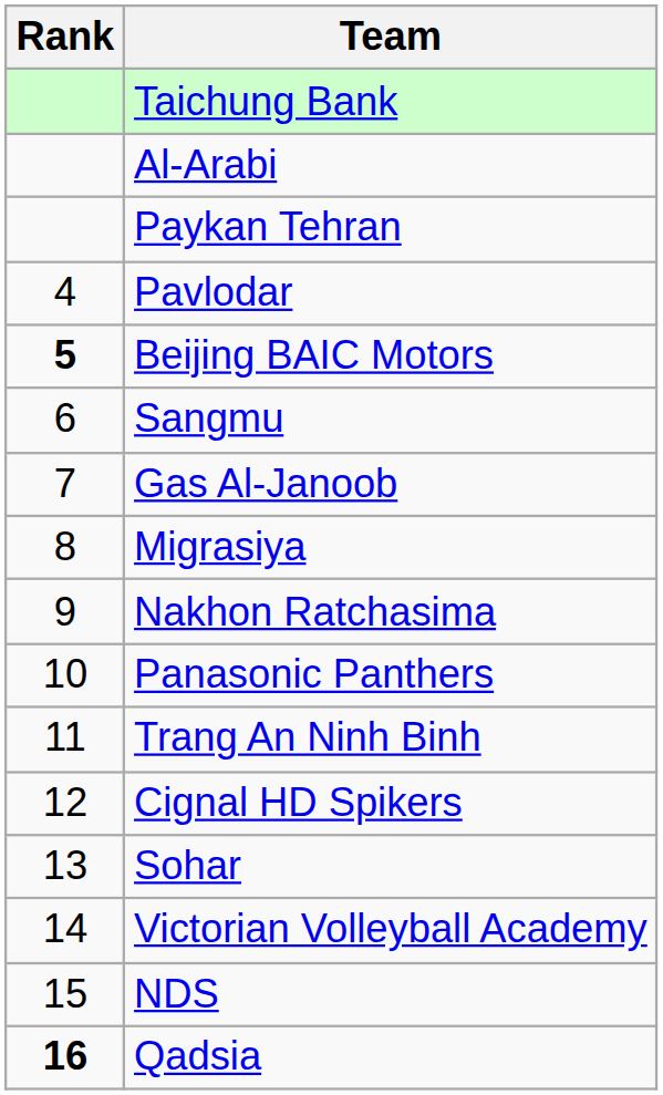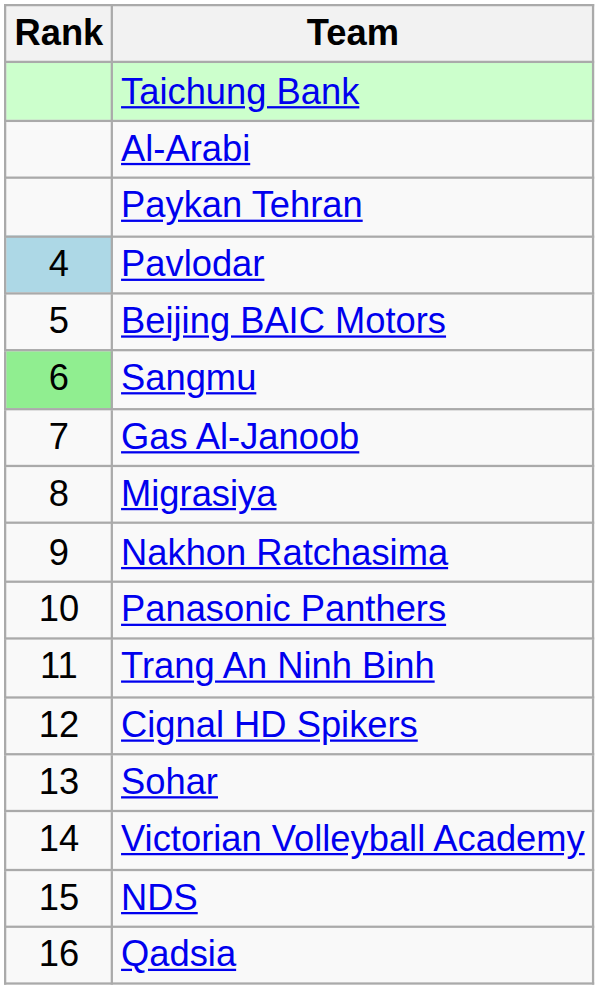 <table class="wikitable" style="text-align: center;">
 <tr>
 <th width=40>Rank</th>
 <th>Team</th>
 </tr>
 <tr bgcolor=#ccffcc>
 <td></td>
 <td style="text-align: left;"> <a href='#'>Taichung Bank</a></td>
 </tr>
 <tr>
 <td></td>
 <td style="text-align: left;"> <a href='#'>Al-Arabi</a></td>
 </tr>
 <tr>
 <td></td>
 <td style="text-align: left;"> <a href='#'>Paykan Tehran</a></td>
 </tr>
 <tr>
-<td>4</td>
+<td style="background: lightblue;">4</td>
 <td style="text-align: left;"> <a href='#'>Pavlodar</a></td>
 </tr>
 <tr>
-<td><strong>5</strong></td>
+<td>5</td>
 <td style="text-align: left;"> <a href='#'>Beijing BAIC Motors</a></td>
 </tr>
 <tr>
-<td>6</td>
+<td style="background: lightgreen;">6</td>
 <td style="text-align: left;"> <a href='#'>Sangmu</a></td>
 </tr>
 <tr>
 <td>7</td>
 <td style="text-align: left;"> <a href='#'>Gas Al-Janoob</a></td>
 </tr>
 <tr>
 <td>8</td>
 <td style="text-align: left;"> <a href='#'>Migrasiya</a></td>
 </tr>
 <tr>
 <td>9</td>
 <td style="text-align: left;"> <a href='#'>Nakhon Ratchasima</a></td>
 </tr>
 <tr>
 <td>10</td>
 <td style="text-align: left;"> <a href='#'>Panasonic Panthers</a></td>
 </tr>
 <tr>
 <td>11</td>
 <td style="text-align: left;"> <a href='#'>Trang An Ninh Binh</a></td>
 </tr>
 <tr>
 <td>12</td>
 <td style="text-align: left;"> <a href='#'>Cignal HD Spikers</a></td>
 </tr>
 <tr>
 <td>13</td>
 <td style="text-align: left;"> <a href='#'>Sohar</a></td>
 </tr>
 <tr>
 <td>14</td>
 <td style="text-align: left;"> <a href='#'>Victorian Volleyball Academy</a></td>
 </tr>
 <tr>
 <td>15</td>
 <td style="text-align: left;"> <a href='#'>NDS</a></td>
 </tr>
 <tr>
-<td><strong>16</strong></td>
+<td>16</td>
 <td style="text-align: left;"> <a href='#'>Qadsia</a></td>
 </tr>
 </table>
